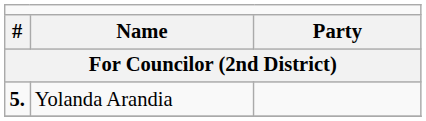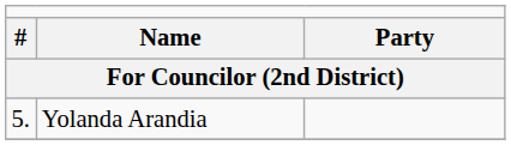 <table class=wikitable style="font-size:90%">
 <tr>
 <td colspan=5 bgcolor=></td>
 </tr>
 <tr>
 <th>#</th>
 <th width=150px>Name</th>
 <th colspan=2 width=110px>Party</th>
 </tr>
 <tr>
 <th colspan=5>For Councilor (2nd District)</th>
 </tr>
 <tr>
-<td><strong>5.</strong></td>
+<td>5.</td>
 <td>Yolanda Arandia</td>
 <td></td>
 </tr>
 <tr>
 </tr>
 </table>
